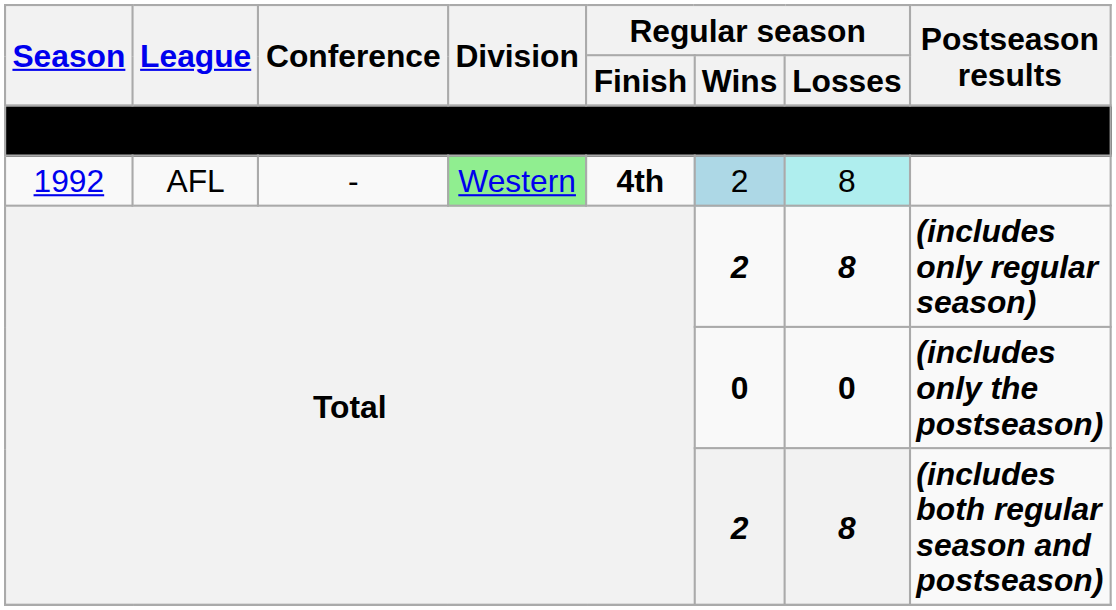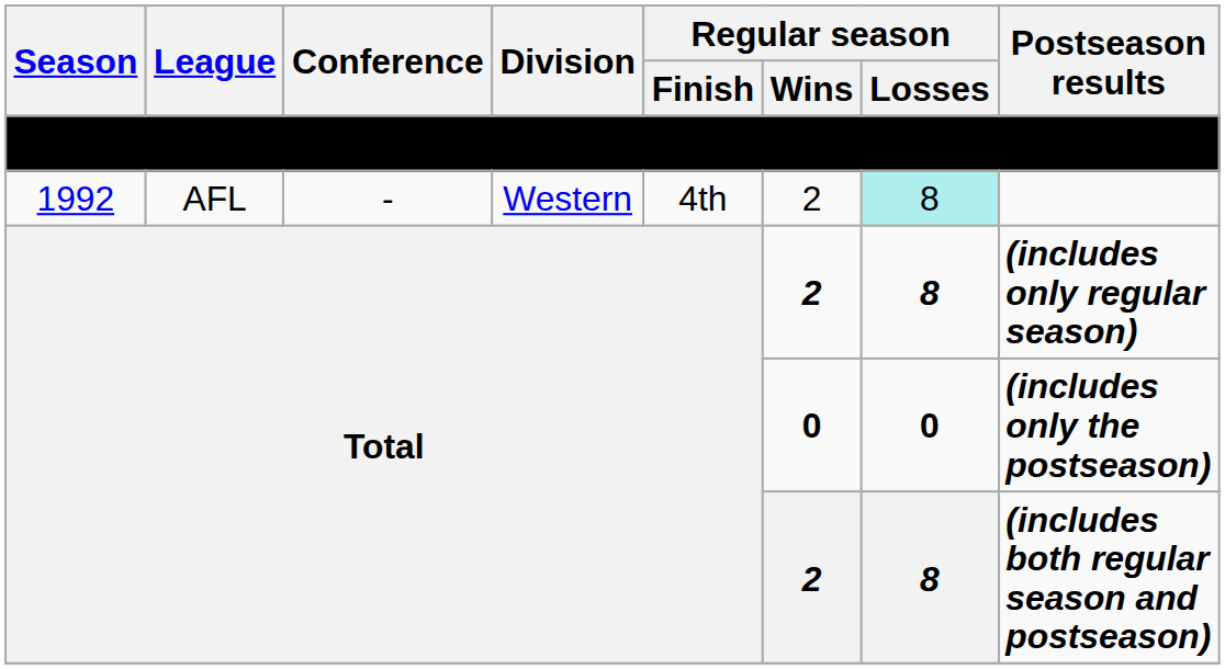 <table class="wikitable" style="font-size: 95%; width:70%;">
 <tr>
 <th rowspan="2" style="width:5%;"><a href='#'>Season</a></th>
 <th rowspan="2" style="width:5%;"><a href='#'>League</a></th>
 <th rowspan="2" style="width:5%;">Conference</th>
 <th rowspan="2">Division</th>
 <th colspan="3">Regular season</th>
 <th rowspan="2">Postseason results</th>
 </tr>
 <tr>
 <th>Finish</th>
 <th>Wins</th>
 <th>Losses</th>
 </tr>
 <tr>
 <td align="center" Colspan="9" style="background: black"><strong><span>San Antonio Force</span></strong></td>
 </tr>
 <tr>
 <td align="center"><a href='#'>1992</a></td>
 <td align="center">AFL</td>
 <td align="center">-</td>
-<td align="center" style="background: lightgreen;"><a href='#'>Western</a></td>
-<td align="center"><strong>4th</strong></td>
-<td align="center" style="background: lightblue;">2</td>
+<td align="center"><a href='#'>Western</a></td>
+<td align="center">4th</td>
+<td align="center">2</td>
 <td align="center" style="background: paleturquoise;">8</td>
 <td></td>
 </tr>
 <tr>
 <th align="center" rowSpan="3" colSpan="5">Total</th>
 <td align="center"><strong><em>2</em></strong></td>
 <td align="center"><strong><em>8</em></strong></td>
 <td colSpan="2"><strong><em>(includes only regular season)</em></strong></td>
 </tr>
 <tr>
 <td align="center"><strong>0</strong></td>
 <td align="center"><strong>0</strong></td>
 <td colSpan="2"><strong><em>(includes only the postseason)</em></strong></td>
 </tr>
 <tr>
 <th align="center"><em>2</em></th>
 <th align="center"><em>8</em></th>
 <td colSpan="2"><strong><em>(includes both regular season and postseason)</em></strong></td>
 </tr>
 <tr>
 </tr>
 </table>
